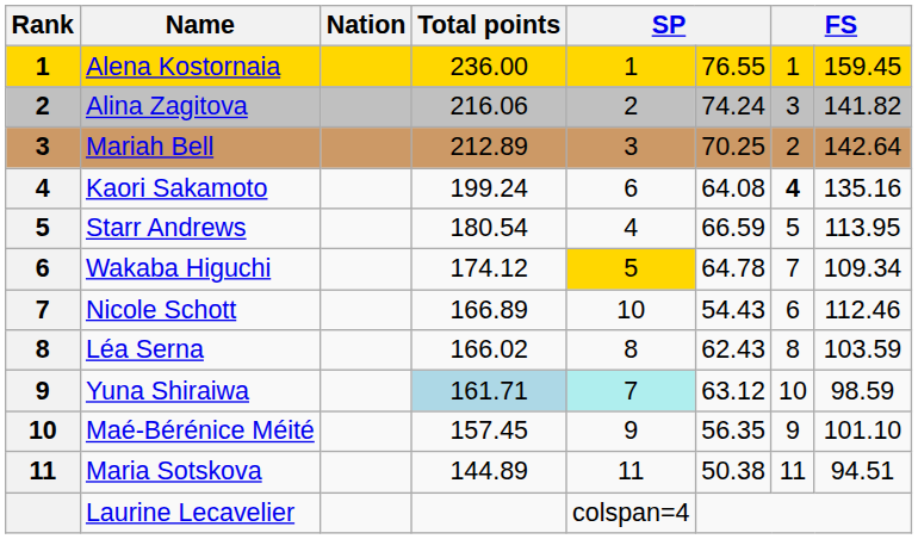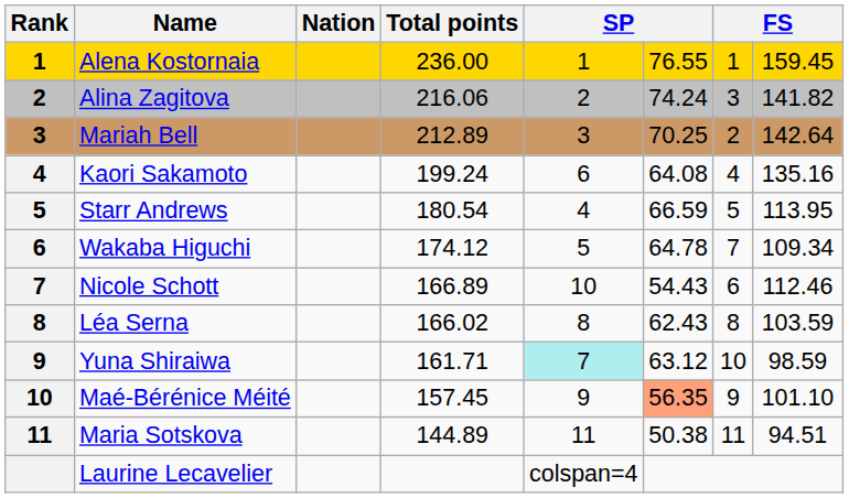 <table class="wikitable sortable">
 <tr>
 <th>Rank</th>
 <th>Name</th>
 <th>Nation</th>
 <th>Total points</th>
 <th colspan="2" width="80px"><a href='#'>SP</a></th>
 <th colspan="2" width="80px"><a href='#'>FS</a></th>
 </tr>
 <tr bgcolor="gold">
 <td align="center"><strong>1</strong></td>
 <td><a href='#'>Alena Kostornaia</a></td>
 <td></td>
 <td align="center">236.00</td>
 <td align="center">1</td>
 <td align="center">76.55</td>
 <td align="center">1</td>
 <td align="center">159.45</td>
 </tr>
 <tr bgcolor="silver">
 <td align="center"><strong>2</strong></td>
 <td><a href='#'>Alina Zagitova</a></td>
 <td></td>
 <td align="center">216.06</td>
 <td align="center">2</td>
 <td align="center">74.24</td>
 <td align="center">3</td>
 <td align="center">141.82</td>
 </tr>
 <tr bgcolor="cc9966">
 <td align="center"><strong>3</strong></td>
 <td><a href='#'>Mariah Bell</a></td>
 <td></td>
 <td align="center">212.89</td>
 <td align="center">3</td>
 <td align="center">70.25</td>
 <td align="center">2</td>
 <td align="center">142.64</td>
 </tr>
 <tr>
 <th>4</th>
 <td><a href='#'>Kaori Sakamoto</a></td>
 <td></td>
 <td align="center">199.24</td>
 <td align="center">6</td>
 <td align="center">64.08</td>
-<td align="center"><strong>4</strong></td>
+<td align="center">4</td>
 <td align="center">135.16</td>
 </tr>
 <tr>
 <th>5</th>
 <td><a href='#'>Starr Andrews</a></td>
 <td></td>
 <td align="center">180.54</td>
 <td align="center">4</td>
 <td align="center">66.59</td>
 <td align="center">5</td>
 <td align="center">113.95</td>
 </tr>
 <tr>
 <th>6</th>
 <td><a href='#'>Wakaba Higuchi</a></td>
 <td></td>
 <td align="center">174.12</td>
-<td align="center" style="background: gold;">5</td>
+<td align="center">5</td>
 <td align="center">64.78</td>
 <td align="center">7</td>
 <td align="center">109.34</td>
 </tr>
 <tr>
 <th>7</th>
 <td><a href='#'>Nicole Schott</a></td>
 <td></td>
 <td align="center">166.89</td>
 <td align="center">10</td>
 <td align="center">54.43</td>
 <td align="center">6</td>
 <td align="center">112.46</td>
 </tr>
 <tr>
 <th>8</th>
 <td><a href='#'>Léa Serna</a></td>
 <td></td>
 <td align="center">166.02</td>
 <td align="center">8</td>
 <td align="center">62.43</td>
 <td align="center">8</td>
 <td align="center">103.59</td>
 </tr>
 <tr>
 <th>9</th>
 <td><a href='#'>Yuna Shiraiwa</a></td>
 <td></td>
-<td align="center" style="background: lightblue;">161.71</td>
+<td align="center">161.71</td>
 <td align="center" style="background: paleturquoise;">7</td>
 <td align="center">63.12</td>
 <td align="center">10</td>
 <td align="center">98.59</td>
 </tr>
 <tr>
 <th>10</th>
 <td><a href='#'>Maé-Bérénice Méité</a></td>
 <td></td>
 <td align="center">157.45</td>
 <td align="center">9</td>
-<td align="center">56.35</td>
+<td align="center" style="background: lightsalmon;">56.35</td>
 <td align="center">9</td>
 <td align="center">101.10</td>
 </tr>
 <tr>
 <th>11</th>
 <td><a href='#'>Maria Sotskova</a></td>
 <td></td>
 <td align="center">144.89</td>
 <td align="center">11</td>
 <td align="center">50.38</td>
 <td align="center">11</td>
 <td align="center">94.51</td>
 </tr>
 <tr>
 <th></th>
 <td><a href='#'>Laurine Lecavelier</a></td>
 <td></td>
 <td></td>
 <td>colspan=4 </td>
 </tr>
 </table>
